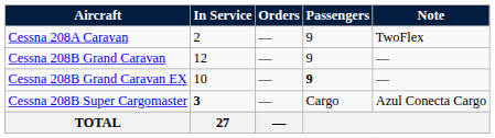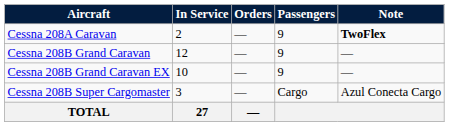 <table class="wikitable" style="margin: 1em auto;">
 <tr>
 <th style="background:#031d40; color:white;">Aircraft</th>
 <th style="background:#031d40; color:white;">In Service</th>
 <th style="background:#031d40; color:white;">Orders</th>
 <th style="background:#031d40; color:white;">Passengers</th>
 <th style="background:#031d40; color:white;">Note</th>
 </tr>
 <tr>
 <td rowspan="1"><div><a href='#'>Cessna 208A Caravan</a></div></td>
 <td rowspan="1"><div>2</div></td>
 <td rowspan="1"><div>—</div></td>
 <td rowspan="1"><div>9</div></td>
-<td rowspan="1"><div>TwoFlex </div></td>
+<td rowspan="1"><strong><div>TwoFlex </div></strong></td>
 </tr>
 <tr>
 <td rowspan="1"><div><a href='#'>Cessna 208B Grand Caravan</a></div></td>
 <td rowspan="1"><div>12</div></td>
 <td rowspan="1"><div>—</div></td>
 <td rowspan="1"><div>9</div></td>
 <td rowspan="1"><div>—</div></td>
 </tr>
 <tr>
 <td rowspan="1"><div><a href='#'>Cessna 208B Grand Caravan EX</a></div></td>
 <td rowspan="1"><div>10</div></td>
 <td rowspan="1"><div>—</div></td>
-<td rowspan="1"><strong><div>9</div></strong></td>
+<td rowspan="1"><div>9</div></td>
 <td rowspan="1"><div>—</div></td>
 </tr>
 <tr>
 <td rowspan="1"><div><a href='#'>Cessna 208B Super Cargomaster</a></div></td>
-<td rowspan="1"><strong><div>3</div></strong></td>
+<td rowspan="1"><div>3</div></td>
 <td rowspan="1"><div>—</div></td>
 <td rowspan="1"><div><abbr>Cargo</abbr></div></td>
 <td rowspan="1"><div> Azul Conecta Cargo</div></td>
 </tr>
 <tr>
 <th>TOTAL</th>
 <th>27</th>
 <th>—</th>
 <th colspan="2"></th>
 </tr>
 </table>
